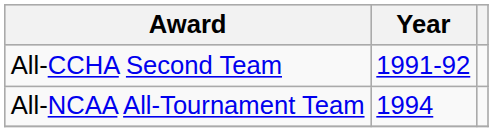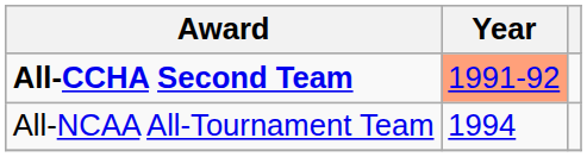 <table class="wikitable">
 <tr>
 <th>Award</th>
 <th>Year</th>
 <th></th>
 </tr>
 <tr>
-<td>All-<a href='#'>CCHA</a> <a href='#'>Second Team</a></td>
-<td><a href='#'>1991-92</a></td>
+<td><strong>All-<a href='#'>CCHA</a> <a href='#'>Second Team</a></strong></td>
+<td style="background: lightsalmon;"><a href='#'>1991-92</a></td>
 <td></td>
 </tr>
 <tr>
 <td>All-<a href='#'>NCAA</a> <a href='#'>All-Tournament Team</a></td>
 <td><a href='#'>1994</a></td>
 <td></td>
 </tr>
 <tr>
 </tr>
 </table>
